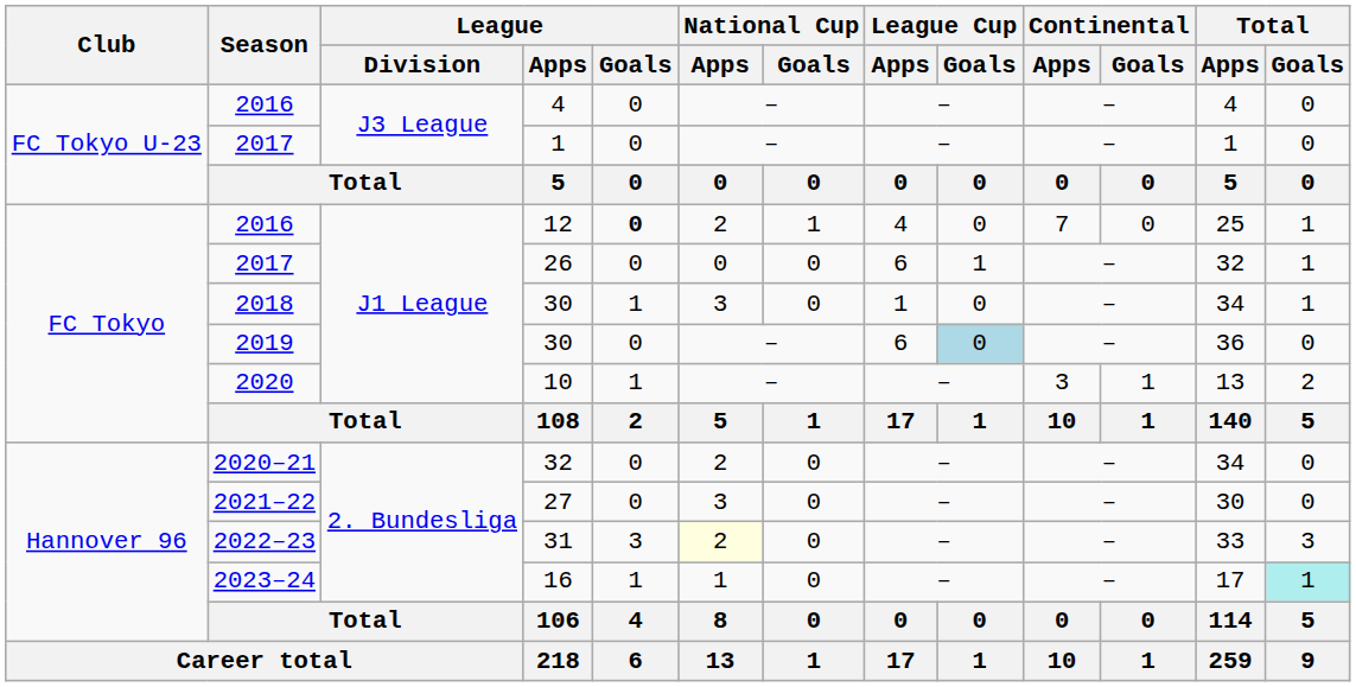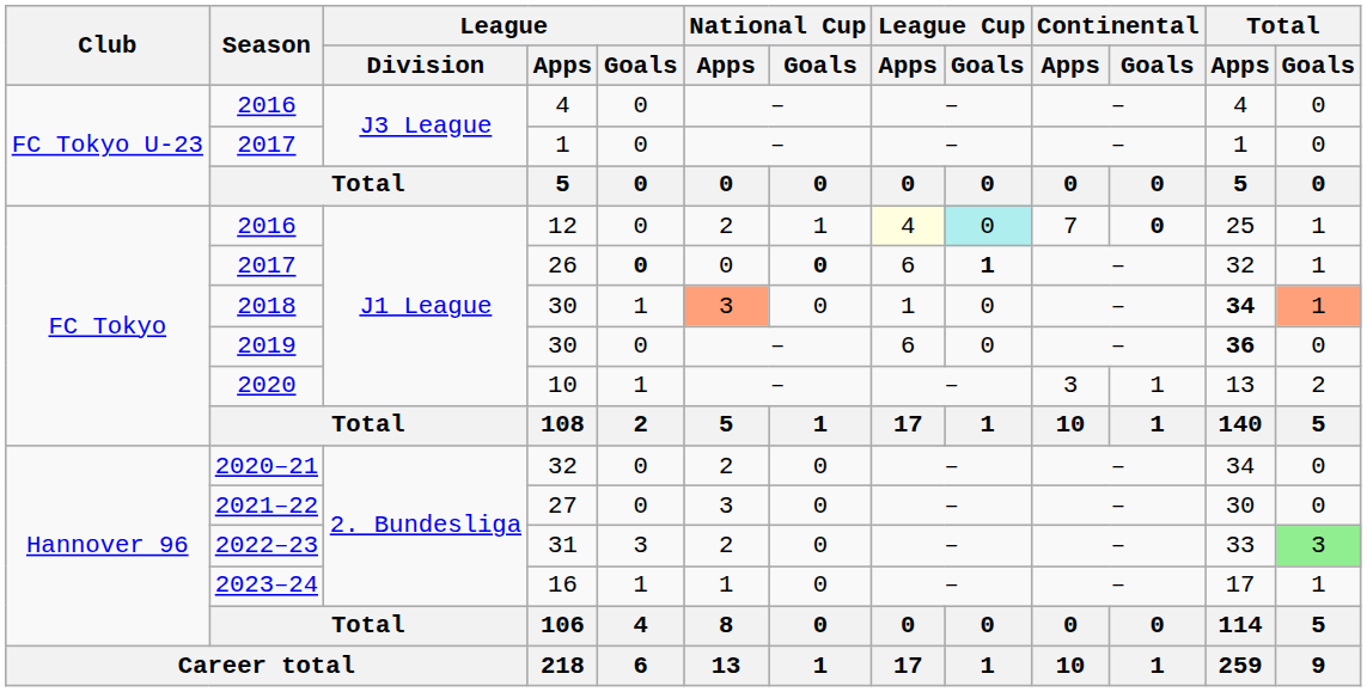 <table class="wikitable" style="text-align:center">
 <tr>
 <th rowspan="2">Club</th>
 <th rowspan="2">Season</th>
 <th colspan="3">League</th>
 <th colspan="2">National Cup</th>
 <th colspan="2">League Cup</th>
 <th colspan="2">Continental</th>
 <th colspan="2">Total</th>
 </tr>
 <tr>
 <th>Division</th>
 <th>Apps</th>
 <th>Goals</th>
 <th>Apps</th>
 <th>Goals</th>
 <th>Apps</th>
 <th>Goals</th>
 <th>Apps</th>
 <th>Goals</th>
 <th>Apps</th>
 <th>Goals</th>
 </tr>
 <tr>
 <td rowspan="3"><a href='#'>FC Tokyo U-23</a></td>
 <td><a href='#'>2016</a></td>
 <td rowspan="2"><a href='#'>J3 League</a></td>
 <td>4</td>
 <td>0</td>
 <td colspan="2">–</td>
 <td colspan="2">–</td>
 <td colspan="2">–</td>
 <td>4</td>
 <td>0</td>
 </tr>
 <tr>
 <td><a href='#'>2017</a></td>
 <td>1</td>
 <td>0</td>
 <td colspan="2">–</td>
 <td colspan="2">–</td>
 <td colspan="2">–</td>
 <td>1</td>
 <td>0</td>
 </tr>
 <tr>
 <th colspan="2">Total</th>
 <th>5</th>
 <th>0</th>
 <th>0</th>
 <th>0</th>
 <th>0</th>
 <th>0</th>
 <th>0</th>
 <th>0</th>
 <th>5</th>
 <th>0</th>
 </tr>
 <tr>
 <td rowspan="6"><a href='#'>FC Tokyo</a></td>
 <td><a href='#'>2016</a></td>
 <td rowspan="5"><a href='#'>J1 League</a></td>
 <td>12</td>
-<td><strong>0</strong></td>
+<td>0</td>
 <td>2</td>
 <td>1</td>
-<td>4</td>
-<td>0</td>
+<td style="background: lightyellow;">4</td>
+<td style="background: paleturquoise;">0</td>
 <td>7</td>
-<td>0</td>
+<td><strong>0</strong></td>
 <td>25</td>
 <td>1</td>
 </tr>
 <tr>
 <td><a href='#'>2017</a></td>
 <td>26</td>
+<td><strong>0</strong></td>
 <td>0</td>
-<td>0</td>
-<td>0</td>
+<td><strong>0</strong></td>
 <td>6</td>
-<td>1</td>
+<td><strong>1</strong></td>
 <td colspan="2">–</td>
 <td>32</td>
 <td>1</td>
 </tr>
 <tr>
 <td><a href='#'>2018</a></td>
 <td>30</td>
 <td>1</td>
-<td>3</td>
+<td style="background: lightsalmon;">3</td>
 <td>0</td>
 <td>1</td>
 <td>0</td>
 <td colspan="2">–</td>
-<td>34</td>
-<td>1</td>
+<td><strong>34</strong></td>
+<td style="background: lightsalmon;">1</td>
 </tr>
 <tr>
 <td><a href='#'>2019</a></td>
 <td>30</td>
 <td>0</td>
 <td colspan="2">–</td>
 <td>6</td>
-<td style="background: lightblue;">0</td>
+<td>0</td>
 <td colspan="2">–</td>
-<td>36</td>
+<td><strong>36</strong></td>
 <td>0</td>
 </tr>
 <tr>
 <td><a href='#'>2020</a></td>
 <td>10</td>
 <td>1</td>
 <td colspan="2">–</td>
 <td colspan="2">–</td>
 <td>3</td>
 <td>1</td>
 <td>13</td>
 <td>2</td>
 </tr>
 <tr>
 <th colspan="2">Total</th>
 <th>108</th>
 <th>2</th>
 <th>5</th>
 <th>1</th>
 <th>17</th>
 <th>1</th>
 <th>10</th>
 <th>1</th>
 <th>140</th>
 <th>5</th>
 </tr>
 <tr>
 <td rowspan="5"><a href='#'>Hannover 96</a></td>
 <td><a href='#'>2020–21</a></td>
 <td rowspan="4"><a href='#'>2. Bundesliga</a></td>
 <td>32</td>
 <td>0</td>
 <td>2</td>
 <td>0</td>
 <td colspan="2">–</td>
 <td colspan="2">–</td>
 <td>34</td>
 <td>0</td>
 </tr>
 <tr>
 <td><a href='#'>2021–22</a></td>
 <td>27</td>
 <td>0</td>
 <td>3</td>
 <td>0</td>
 <td colspan="2">–</td>
 <td colspan="2">–</td>
 <td>30</td>
 <td>0</td>
 </tr>
 <tr>
 <td><a href='#'>2022–23</a></td>
 <td>31</td>
 <td>3</td>
-<td style="background: lightyellow;">2</td>
+<td>2</td>
 <td>0</td>
 <td colspan="2">–</td>
 <td colspan="2">–</td>
 <td>33</td>
-<td>3</td>
+<td style="background: lightgreen;">3</td>
 </tr>
 <tr>
 <td><a href='#'>2023–24</a></td>
 <td>16</td>
 <td>1</td>
 <td>1</td>
 <td>0</td>
 <td colspan="2">–</td>
 <td colspan="2">–</td>
 <td>17</td>
-<td style="background: paleturquoise;">1</td>
+<td>1</td>
 </tr>
 <tr>
 <th colspan="2">Total</th>
 <th>106</th>
 <th>4</th>
 <th>8</th>
 <th>0</th>
 <th>0</th>
 <th>0</th>
 <th>0</th>
 <th>0</th>
 <th>114</th>
 <th>5</th>
 </tr>
 <tr>
 <th colspan="3">Career total</th>
 <th>218</th>
 <th>6</th>
 <th>13</th>
 <th>1</th>
 <th>17</th>
 <th>1</th>
 <th>10</th>
 <th>1</th>
 <th>259</th>
 <th>9</th>
 </tr>
 </table>
